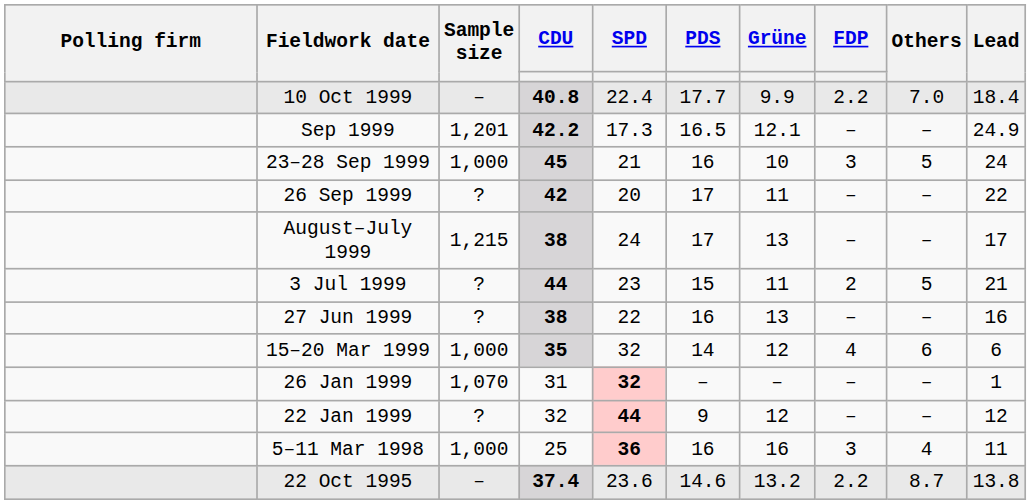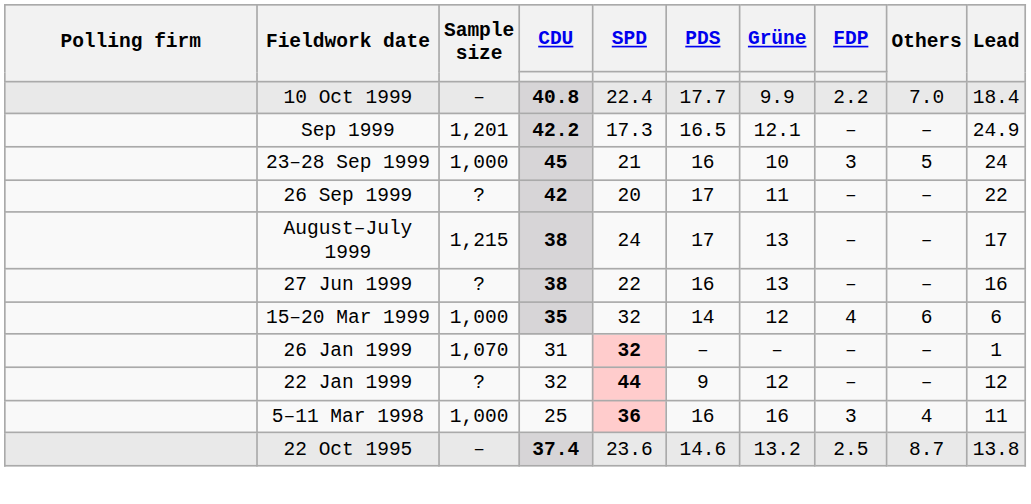 <table class="wikitable sortable" style="text-align:center;font-size:90%;line-height:14px;">
 <tr style="height:40px;">
 <th style="width:160px;" rowspan="2">Polling firm</th>
 <th style="width:110px;" rowspan="2">Fieldwork date</th>
 <th style="width:35px;" rowspan="2">Sample<br>size</th>
 <th class="unsortable" style="width:40px;"><a href='#'>CDU</a></th>
 <th class="unsortable" style="width:40px;"><a href='#'>SPD</a></th>
 <th class="unsortable" style="width:40px;"><a href='#'>PDS</a></th>
 <th class="unsortable" style="width:40px;"><a href='#'>Grüne</a></th>
 <th class="unsortable" style="width:40px;"><a href='#'>FDP</a></th>
 <th class="unsortable" style="width:40px;" rowspan="2">Others</th>
 <th style="width:30px;" rowspan="2">Lead</th>
 </tr>
 <tr>
 <th style="background:"></th>
 <th style="background:"></th>
 <th style="background:"></th>
 <th style="background:"></th>
 <th style="background:"></th>
 </tr>
 <tr style="background:#E9E9E9;">
 <td></td>
 <td data-sort-value="1999-10-10">10 Oct 1999</td>
 <td>–</td>
 <td style="background:#D7D5D7;"><strong>40.8</strong></td>
 <td>22.4</td>
 <td>17.7</td>
 <td>9.9</td>
 <td>2.2</td>
 <td>7.0</td>
 <td style="background:">18.4</td>
 </tr>
 <tr>
 <td></td>
 <td data-sort-value="1999-10-02">Sep 1999</td>
 <td>1,201</td>
 <td style="background:#D7D5D7;"><strong>42.2</strong></td>
 <td>17.3</td>
 <td>16.5</td>
 <td>12.1</td>
 <td>–</td>
 <td>–</td>
 <td style="background:">24.9</td>
 </tr>
 <tr>
 <td></td>
 <td data-sort-value="1999-10-01">23–28 Sep 1999</td>
 <td>1,000</td>
 <td style="background:#D7D5D7;"><strong>45</strong></td>
 <td>21</td>
 <td>16</td>
 <td>10</td>
 <td>3</td>
 <td>5</td>
 <td style="background:">24</td>
 </tr>
 <tr>
 <td></td>
 <td data-sort-value="1999-09-26">26 Sep 1999</td>
 <td>?</td>
 <td style="background:#D7D5D7;"><strong>42</strong></td>
 <td>20</td>
 <td>17</td>
 <td>11</td>
 <td>–</td>
 <td>–</td>
 <td style="background:">22</td>
 </tr>
 <tr>
 <td></td>
 <td data-sort-value="1999-08-07">August–July 1999</td>
 <td>1,215</td>
 <td style="background:#D7D5D7;"><strong>38</strong></td>
 <td>24</td>
 <td>17</td>
 <td>13</td>
 <td>–</td>
 <td>–</td>
 <td style="background:">17</td>
 </tr>
 <tr>
 <td></td>
-<td data-sort-value="1999-07-03">3 Jul 1999</td>
-<td>?</td>
-<td style="background:#D7D5D7;"><strong>44</strong></td>
-<td>23</td>
-<td>15</td>
-<td>11</td>
-<td>2</td>
-<td>5</td>
-<td style="background:">21</td>
-</tr>
-<tr>
-<td></td>
 <td data-sort-value="1999-06-27">27 Jun 1999</td>
 <td>?</td>
 <td style="background:#D7D5D7;"><strong>38</strong></td>
 <td>22</td>
 <td>16</td>
 <td>13</td>
 <td>–</td>
 <td>–</td>
 <td style="background:">16</td>
 </tr>
 <tr>
 <td></td>
 <td data-sort-value="1999-03-27">15–20 Mar 1999</td>
 <td>1,000</td>
 <td style="background:#D7D5D7;"><strong>35</strong></td>
 <td>32</td>
 <td>14</td>
 <td>12</td>
 <td>4</td>
 <td>6</td>
 <td style="background:">6</td>
 </tr>
 <tr>
 <td></td>
 <td data-sort-value="1999-01-26">26 Jan 1999</td>
 <td>1,070</td>
 <td>31</td>
 <td style="background:#FFCCCC;"><strong>32</strong></td>
 <td>–</td>
 <td>–</td>
 <td>–</td>
 <td>–</td>
 <td style="background:">1</td>
 </tr>
 <tr>
 <td></td>
 <td data-sort-value="1999-01-22">22 Jan 1999</td>
 <td>?</td>
 <td>32</td>
 <td style="background:#FFCCCC;"><strong>44</strong></td>
 <td>9</td>
 <td>12</td>
 <td>–</td>
 <td>–</td>
 <td style="background:">12</td>
 </tr>
 <tr>
 <td></td>
 <td data-sort-value="1998-03-19">5–11 Mar 1998</td>
 <td>1,000</td>
 <td>25</td>
 <td style="background:#FFCCCC;"><strong>36</strong></td>
 <td>16</td>
 <td>16</td>
 <td>3</td>
 <td>4</td>
 <td style="background:">11</td>
 </tr>
 <tr style="background:#E9E9E9;">
 <td></td>
 <td data-sort-value="1995-10-22">22 Oct 1995</td>
 <td>–</td>
 <td style="background:#D7D5D7;"><strong>37.4</strong></td>
 <td>23.6</td>
 <td>14.6</td>
 <td>13.2</td>
-<td>2.2</td>
+<td>2.5</td>
 <td>8.7</td>
 <td style="background:">13.8</td>
 </tr>
 </table>
